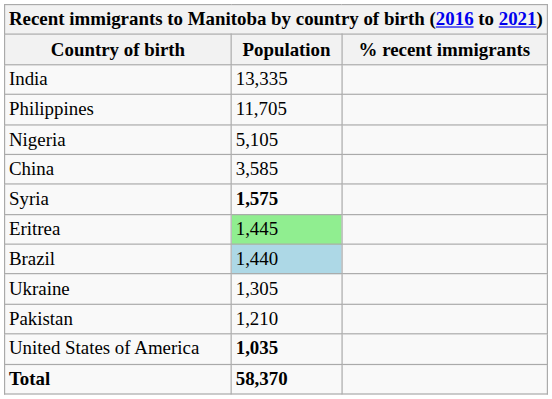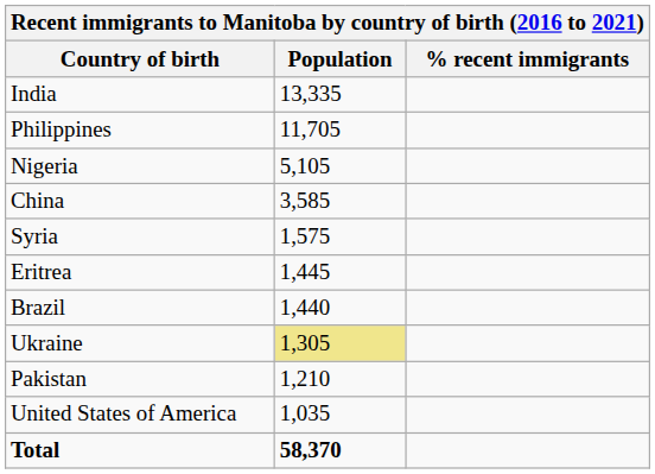 <table class="wikitable">
 <tr>
 <th colspan="4">Recent immigrants to Manitoba by country of birth (<a href='#'>2016</a> to <a href='#'>2021</a>)</th>
 </tr>
 <tr>
 <th>Country of birth</th>
 <th>Population</th>
 <th>% recent immigrants</th>
 </tr>
 <tr>
 <td>India</td>
 <td>13,335</td>
 <td></td>
 </tr>
 <tr>
 <td>Philippines</td>
 <td>11,705</td>
 <td></td>
 </tr>
 <tr>
 <td>Nigeria</td>
 <td>5,105</td>
 <td></td>
 </tr>
 <tr>
 <td>China</td>
 <td>3,585</td>
 <td></td>
 </tr>
 <tr>
 <td>Syria</td>
-<td><strong>1,575</strong></td>
+<td>1,575</td>
 <td></td>
 </tr>
 <tr>
 <td>Eritrea</td>
-<td style="background: lightgreen;">1,445</td>
+<td>1,445</td>
 <td></td>
 </tr>
 <tr>
 <td>Brazil</td>
-<td style="background: lightblue;">1,440</td>
+<td>1,440</td>
 <td></td>
 </tr>
 <tr>
 <td>Ukraine</td>
-<td>1,305</td>
+<td style="background: khaki;">1,305</td>
 <td></td>
 </tr>
 <tr>
 <td>Pakistan</td>
 <td>1,210</td>
 <td></td>
 </tr>
 <tr>
 <td>United States of America</td>
-<td><strong>1,035</strong></td>
+<td>1,035</td>
 <td></td>
 </tr>
 <tr>
 <td><strong>Total</strong></td>
 <td><strong>58,370</strong></td>
 <td><strong></strong></td>
 </tr>
 </table>
